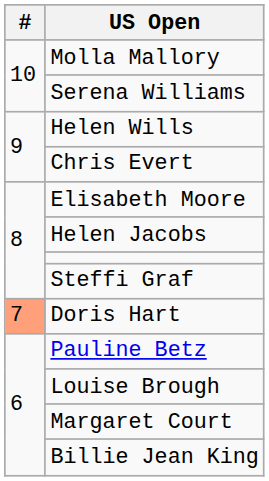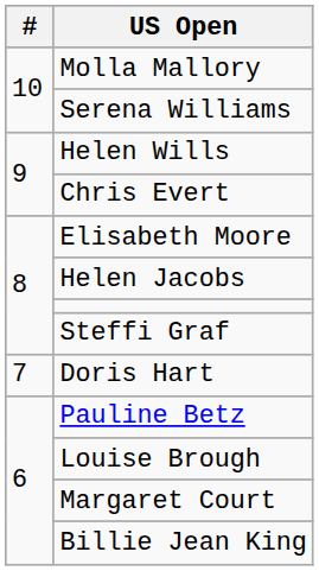 <table class="wikitable">
 <tr>
 <th style="width:18px;">#</th>
 <th>US Open</th>
 </tr>
 <tr>
 <td rowspan="2">10</td>
 <td> Molla Mallory</td>
 </tr>
 <tr>
 <td> Serena Williams</td>
 </tr>
 <tr>
 <td rowspan="2">9</td>
 <td> Helen Wills</td>
 </tr>
 <tr>
 <td> Chris Evert</td>
 </tr>
 <tr>
 <td rowspan="4">8</td>
 <td> Elisabeth Moore</td>
 </tr>
 <tr>
 <td> Helen Jacobs</td>
 </tr>
 <tr>
 <td></td>
 </tr>
 <tr>
 <td> Steffi Graf</td>
 </tr>
 <tr>
-<td style="background: lightsalmon;">7</td>
+<td>7</td>
 <td> Doris Hart</td>
 </tr>
 <tr>
 <td rowspan="4">6</td>
 <td> <a href='#'>Pauline Betz</a></td>
 </tr>
 <tr>
 <td> Louise Brough</td>
 </tr>
 <tr>
 <td> Margaret Court</td>
 </tr>
 <tr>
 <td> Billie Jean King</td>
 </tr>
 </table>
